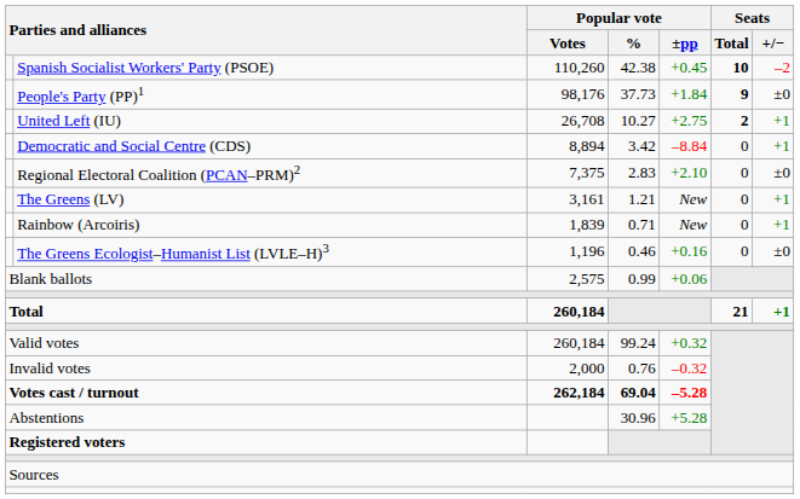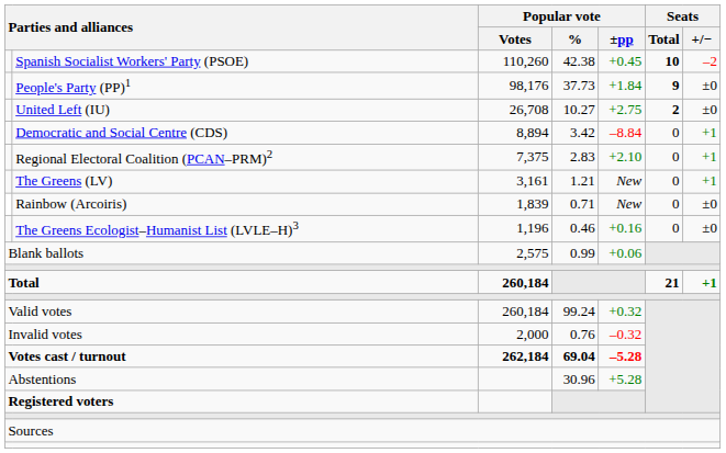 <table class="wikitable" style="text-align:right;">
 <tr>
 <th style="text-align:left;" rowspan="2" colspan="2" width="525">Parties and alliances</th>
 <th colspan="3">Popular vote</th>
 <th colspan="2">Seats</th>
 </tr>
 <tr>
 <th width="75">Votes</th>
 <th width="45">%</th>
 <th width="45">±<a href='#'>pp</a></th>
 <th width="35">Total</th>
 <th width="35">+/−</th>
 </tr>
 <tr>
 <td width="1" style="color:inherit;background:"></td>
 <td align="left"><a href='#'>Spanish Socialist Workers' Party</a> (PSOE)</td>
 <td>110,260</td>
 <td>42.38</td>
 <td style="color:green;">+0.45</td>
 <td><strong>10</strong></td>
 <td style="color:red;">–2</td>
 </tr>
 <tr>
 <td style="color:inherit;background:"></td>
 <td align="left"><a href='#'>People's Party</a> (PP)<sup>1</sup></td>
 <td>98,176</td>
 <td>37.73</td>
 <td style="color:green;">+1.84</td>
 <td><strong>9</strong></td>
 <td>±0</td>
 </tr>
 <tr>
 <td style="color:inherit;background:"></td>
 <td align="left"><a href='#'>United Left</a> (IU)</td>
 <td>26,708</td>
 <td>10.27</td>
 <td style="color:green;">+2.75</td>
 <td><strong>2</strong></td>
-<td style="color:green;">+1</td>
+<td>±0</td>
 </tr>
 <tr>
 <td style="color:inherit;background:"></td>
 <td align="left"><a href='#'>Democratic and Social Centre</a> (CDS)</td>
 <td>8,894</td>
 <td>3.42</td>
 <td style="color:red;">–8.84</td>
 <td>0</td>
 <td style="color:green;">+1</td>
 </tr>
 <tr>
 <td style="color:inherit;background:"></td>
 <td align="left">Regional Electoral Coalition (<a href='#'>PCAN</a>–PRM)<sup>2</sup></td>
 <td>7,375</td>
 <td>2.83</td>
 <td style="color:green;">+2.10</td>
 <td>0</td>
-<td>±0</td>
+<td style="color:green;">+1</td>
 </tr>
 <tr>
 <td style="color:inherit;background:"></td>
 <td align="left"><a href='#'>The Greens</a> (LV)</td>
 <td>3,161</td>
 <td>1.21</td>
 <td><em>New</em></td>
 <td>0</td>
 <td style="color:green;">+1</td>
 </tr>
 <tr>
 <td bgcolor="white"></td>
 <td align="left">Rainbow (Arcoiris)</td>
 <td>1,839</td>
 <td>0.71</td>
 <td><em>New</em></td>
 <td>0</td>
-<td style="color:green;">+1</td>
+<td>±0</td>
 </tr>
 <tr>
 <td style="color:inherit;background:"></td>
 <td align="left"><a href='#'>The Greens Ecologist</a>–<a href='#'>Humanist List</a> (LVLE–H)<sup>3</sup></td>
 <td>1,196</td>
 <td>0.46</td>
 <td style="color:green;">+0.16</td>
 <td>0</td>
 <td>±0</td>
 </tr>
 <tr>
 <td align="left" colspan="2">Blank ballots</td>
 <td>2,575</td>
 <td>0.99</td>
 <td style="color:green;">+0.06</td>
 <td bgcolor="#E9E9E9" colspan="2"></td>
 </tr>
 <tr>
 <td colspan="7" bgcolor="#E9E9E9"></td>
 </tr>
 <tr style="font-weight:bold;">
 <td align="left" colspan="2">Total</td>
 <td>260,184</td>
 <td bgcolor="#E9E9E9" colspan="2"></td>
 <td>21</td>
 <td style="color:green;">+1</td>
 </tr>
 <tr>
 <td colspan="7" bgcolor="#E9E9E9"></td>
 </tr>
 <tr>
 <td align="left" colspan="2">Valid votes</td>
 <td>260,184</td>
 <td>99.24</td>
 <td style="color:green;">+0.32</td>
 <td bgcolor="#E9E9E9" colspan="2" rowspan="5"></td>
 </tr>
 <tr>
 <td align="left" colspan="2">Invalid votes</td>
 <td>2,000</td>
 <td>0.76</td>
 <td style="color:red;">–0.32</td>
 </tr>
 <tr style="font-weight:bold;">
 <td align="left" colspan="2">Votes cast / turnout</td>
 <td>262,184</td>
 <td>69.04</td>
 <td style="color:red;">–5.28</td>
 </tr>
 <tr>
 <td align="left" colspan="2">Abstentions</td>
 <td></td>
 <td>30.96</td>
 <td style="color:green;">+5.28</td>
 </tr>
 <tr style="font-weight:bold;">
 <td align="left" colspan="2">Registered voters</td>
 <td></td>
 <td bgcolor="#E9E9E9" colspan="2"></td>
 </tr>
 <tr>
 <td colspan="7" bgcolor="#E9E9E9"></td>
 </tr>
 <tr>
 <td align="left" colspan="7">Sources</td>
 </tr>
 <tr>
 <td colspan="7" style="text-align:left; max-width:790px;"></td>
 </tr>
 </table>
